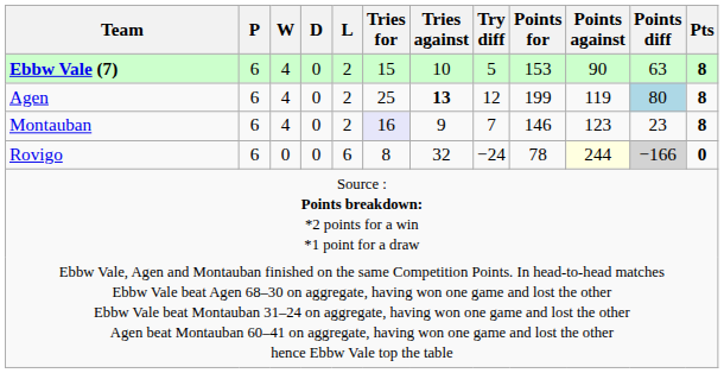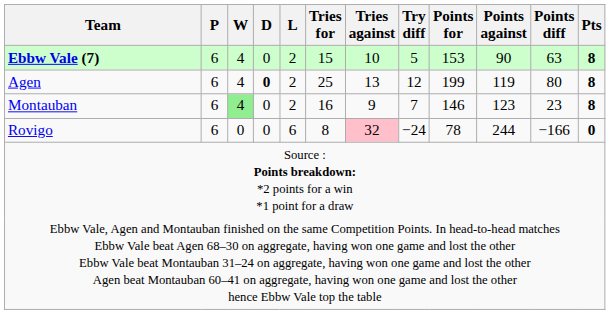 <table class="wikitable" style="text-align: center;">
 <tr>
 <th width="200">Team</th>
 <th width="20">P</th>
 <th width="20">W</th>
 <th width="20">D</th>
 <th width="20">L</th>
 <th width="20">Tries for</th>
 <th width="20">Tries against</th>
 <th width="20">Try diff</th>
 <th width="20">Points for</th>
 <th width="20">Points against</th>
 <th width="25">Points diff</th>
 <th width="20">Pts</th>
 </tr>
 <tr bgcolor="#ccffcc">
 <td align="left"> <strong><a href='#'>Ebbw Vale</a> (7)</strong></td>
 <td>6</td>
 <td>4</td>
 <td>0</td>
 <td>2</td>
 <td>15</td>
 <td>10</td>
 <td>5</td>
 <td>153</td>
 <td>90</td>
 <td>63</td>
 <td><strong>8</strong></td>
 </tr>
 <tr>
 <td align="left"> <a href='#'>Agen</a></td>
 <td>6</td>
 <td>4</td>
-<td>0</td>
+<td><strong>0</strong></td>
 <td>2</td>
 <td>25</td>
-<td><strong>13</strong></td>
+<td>13</td>
 <td>12</td>
 <td>199</td>
 <td>119</td>
-<td style="background: lightblue;">80</td>
+<td>80</td>
 <td><strong>8</strong></td>
 </tr>
 <tr>
 <td align="left"> <a href='#'>Montauban</a></td>
 <td>6</td>
-<td>4</td>
+<td style="background: lightgreen;">4</td>
 <td>0</td>
 <td>2</td>
-<td style="background: lavender;">16</td>
+<td>16</td>
 <td>9</td>
 <td>7</td>
 <td>146</td>
 <td>123</td>
 <td>23</td>
 <td><strong>8</strong></td>
 </tr>
 <tr>
 <td align="left"> <a href='#'>Rovigo</a></td>
 <td>6</td>
 <td>0</td>
 <td>0</td>
 <td>6</td>
 <td>8</td>
-<td>32</td>
+<td style="background: pink;">32</td>
 <td>−24</td>
 <td>78</td>
-<td style="background: lightyellow;">244</td>
-<td style="background: lightgrey;">−166</td>
+<td>244</td>
+<td>−166</td>
 <td><strong>0</strong></td>
 </tr>
 <tr |align=left|>
 <td colspan="14" style="border:0px"><small>Source : <br><strong>Points breakdown:</strong><br>*2 points for a win<br>*1 point for a draw</small></td>
 </tr>
 <tr |align=left|>
 <td colspan="14" style="border:0px"><small>Ebbw Vale, Agen and Montauban finished on the same Competition Points. In head-to-head matches<br>Ebbw Vale beat Agen 68–30 on aggregate, having won one game and lost the other<br>Ebbw Vale beat Montauban 31–24 on aggregate, having won one game and lost the other<br>Agen beat Montauban 60–41 on aggregate, having won one game and lost the other<br>hence Ebbw Vale top the table</small></td>
 </tr>
 </table>
